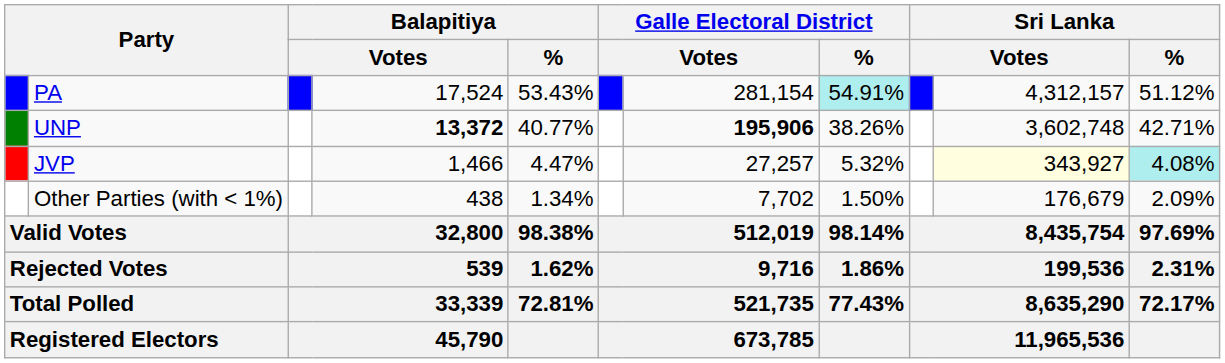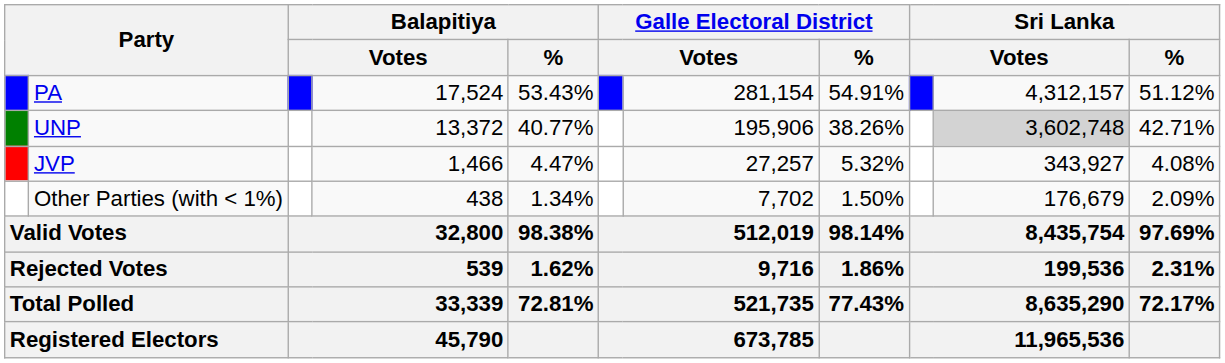 <table class="wikitable">
 <tr>
 <th colspan="2" width="144px"rowspan="2">Party</th>
 <th colspan="3" width="216px">Balapitiya</th>
 <th colspan="3" width="216px"><a href='#'>Galle Electoral District</a></th>
 <th colspan="3" width="216px">Sri Lanka</th>
 </tr>
 <tr>
 <th colspan="2" width="144px">Votes</th>
 <th>%</th>
 <th colspan="2" width="144px">Votes</th>
 <th>%</th>
 <th colspan="2" width="144px">Votes</th>
 <th>%</th>
 </tr>
 <tr>
 <td style="background-color:blue;" width="10px"></td>
 <td style="text-align:left;"><a href='#'>PA</a></td>
 <td style="background-color:blue;" width="10px"></td>
 <td style="text-align:right;">17,524</td>
 <td style="text-align:right;">53.43%</td>
 <td style="background-color:blue;" width="10px"></td>
 <td style="text-align:right;">281,154</td>
-<td style="background: paleturquoise; text-align:right;">54.91%</td>
+<td style="text-align:right;">54.91%</td>
 <td style="background-color:blue;" width="10px"></td>
 <td style="text-align:right;">4,312,157</td>
 <td style="text-align:right;">51.12%</td>
 </tr>
 <tr>
 <td style="background-color:green;" width="10px"></td>
 <td style="text-align:left;"><a href='#'>UNP</a></td>
 <td style="background-color:white;" width="10px"></td>
-<td style="text-align:right;"><strong>13,372</strong></td>
+<td style="text-align:right;">13,372</td>
 <td style="text-align:right;">40.77%</td>
 <td style="background-color:white;" width="10px"></td>
-<td style="text-align:right;"><strong>195,906</strong></td>
+<td style="text-align:right;">195,906</td>
 <td style="text-align:right;">38.26%</td>
 <td style="background-color:white;" width="10px"></td>
-<td style="text-align:right;">3,602,748</td>
+<td style="background: lightgrey; text-align:right;">3,602,748</td>
 <td style="text-align:right;">42.71%</td>
 </tr>
 <tr>
 <td style="background-color:red;" width="10px"></td>
 <td style="text-align:left;"><a href='#'>JVP</a></td>
 <td style="background-color:white;" width="10px"></td>
 <td style="text-align:right;">1,466</td>
 <td style="text-align:right;">4.47%</td>
 <td style="background-color:white;" width="10px"></td>
 <td style="text-align:right;">27,257</td>
 <td style="text-align:right;">5.32%</td>
 <td style="background-color:white;" width="10px"></td>
-<td style="background: lightyellow; text-align:right;">343,927</td>
-<td style="background: paleturquoise; text-align:right;">4.08%</td>
+<td style="text-align:right;">343,927</td>
+<td style="text-align:right;">4.08%</td>
 </tr>
 <tr>
 <td style="background-color:white;" width="10px"></td>
 <td style="text-align:left;">Other Parties (with < 1%)</td>
 <td style="background-color:white;" width="10px"></td>
 <td style="text-align:right;">438</td>
 <td style="text-align:right;">1.34%</td>
 <td style="background-color:white;" width="10px"></td>
 <td style="text-align:right;">7,702</td>
 <td style="text-align:right;">1.50%</td>
 <td style="background-color:white;" width="10px"></td>
 <td style="text-align:right;">176,679</td>
 <td style="text-align:right;">2.09%</td>
 </tr>
 <tr>
 <th colspan="2" width="144px"style="text-align:left;">Valid Votes</th>
 <th style="text-align:right;"colspan="2" width="144px">32,800</th>
 <th style="text-align:right;">98.38%</th>
 <th style="text-align:right;"colspan="2" width="144px">512,019</th>
 <th style="text-align:right;">98.14%</th>
 <th style="text-align:right;"colspan="2" width="144px">8,435,754</th>
 <th style="text-align:right;">97.69%</th>
 </tr>
 <tr>
 <th colspan="2" width="144px"style="text-align:left;">Rejected Votes</th>
 <th style="text-align:right;"colspan="2" width="144px">539</th>
 <th style="text-align:right;">1.62%</th>
 <th style="text-align:right;"colspan="2" width="144px">9,716</th>
 <th style="text-align:right;">1.86%</th>
 <th style="text-align:right;"colspan="2" width="144px">199,536</th>
 <th style="text-align:right;">2.31%</th>
 </tr>
 <tr>
 <th colspan="2" width="144px"style="text-align:left;">Total Polled</th>
 <th style="text-align:right;"colspan="2" width="144px">33,339</th>
 <th style="text-align:right;">72.81%</th>
 <th style="text-align:right;"colspan="2" width="144px">521,735</th>
 <th style="text-align:right;">77.43%</th>
 <th style="text-align:right;"colspan="2" width="144px">8,635,290</th>
 <th style="text-align:right;">72.17%</th>
 </tr>
 <tr>
 <th colspan="2" width="144px"style="text-align:left;">Registered Electors</th>
 <th style="text-align:right;"colspan="2" width="144px">45,790</th>
 <th></th>
 <th style="text-align:right;"colspan="2" width="144px">673,785</th>
 <th></th>
 <th style="text-align:right;"colspan="2" width="144px">11,965,536</th>
 <th></th>
 </tr>
 </table>
